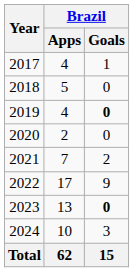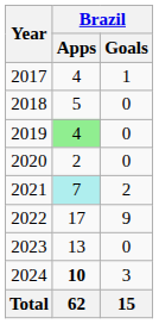 <table class="wikitable" style="text-align:center">
 <tr>
 <th rowspan=2>Year</th>
 <th colspan=2><a href='#'>Brazil</a></th>
 </tr>
 <tr>
 <th>Apps</th>
 <th>Goals</th>
 </tr>
 <tr>
 <td>2017</td>
 <td>4</td>
 <td>1</td>
 </tr>
 <tr>
 <td>2018</td>
 <td>5</td>
 <td>0</td>
 </tr>
 <tr>
 <td>2019</td>
-<td>4</td>
-<td><strong>0</strong></td>
+<td style="background: lightgreen;">4</td>
+<td>0</td>
 </tr>
 <tr>
 <td>2020</td>
 <td>2</td>
 <td>0</td>
 </tr>
 <tr>
 <td>2021</td>
-<td>7</td>
+<td style="background: paleturquoise;">7</td>
 <td>2</td>
 </tr>
 <tr>
 <td>2022</td>
 <td>17</td>
 <td>9</td>
 </tr>
 <tr>
 <td>2023</td>
 <td>13</td>
-<td><strong>0</strong></td>
+<td>0</td>
 </tr>
 <tr>
 <td>2024</td>
-<td>10</td>
+<td><strong>10</strong></td>
 <td>3</td>
 </tr>
 <tr>
 <th>Total</th>
 <th>62</th>
 <th>15</th>
 </tr>
 </table>
